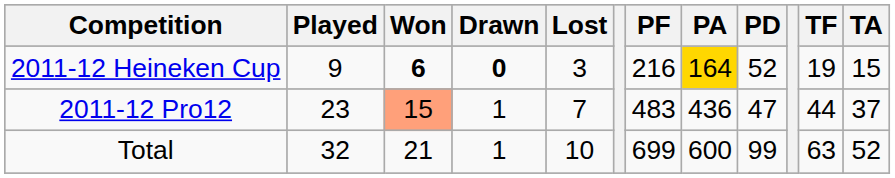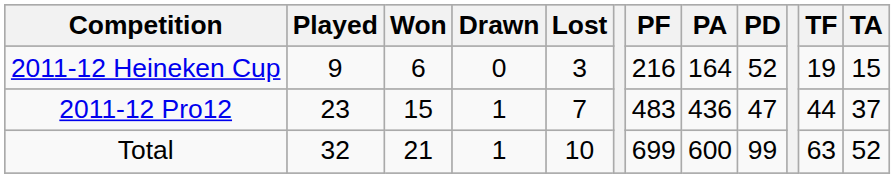 <table class="wikitable">
 <tr>
 <th>Competition</th>
 <th>Played</th>
 <th>Won</th>
 <th>Drawn</th>
 <th>Lost</th>
 <th rowspan="4"></th>
 <th>PF</th>
 <th>PA</th>
 <th>PD</th>
 <th rowspan="4"></th>
 <th>TF</th>
 <th>TA</th>
 </tr>
 <tr align=center>
 <td><a href='#'>2011-12 Heineken Cup</a></td>
 <td>9</td>
-<td><strong>6</strong></td>
-<td><strong>0</strong></td>
+<td>6</td>
+<td>0</td>
 <td>3</td>
 <td>216</td>
-<td style="background: gold;">164</td>
+<td>164</td>
 <td>52</td>
 <td>19</td>
 <td>15</td>
 </tr>
 <tr align=center>
 <td><a href='#'>2011-12 Pro12</a></td>
 <td>23</td>
-<td style="background: lightsalmon;">15</td>
+<td>15</td>
 <td>1</td>
 <td>7</td>
 <td>483</td>
 <td>436</td>
 <td>47</td>
 <td>44</td>
 <td>37</td>
 </tr>
 <tr align=center>
 <td>Total</td>
 <td>32</td>
 <td>21</td>
 <td>1</td>
 <td>10</td>
 <td>699</td>
 <td>600</td>
 <td>99</td>
 <td>63</td>
 <td>52</td>
 </tr>
 </table>
